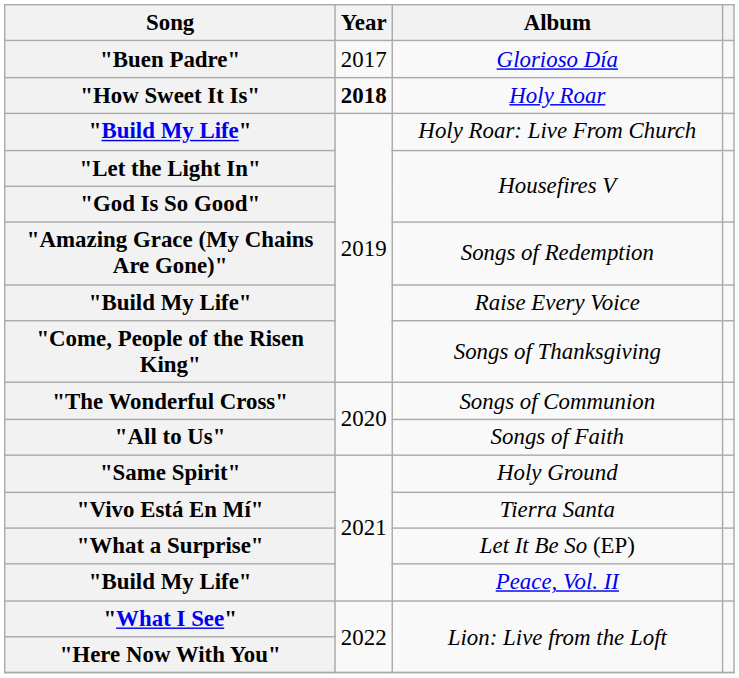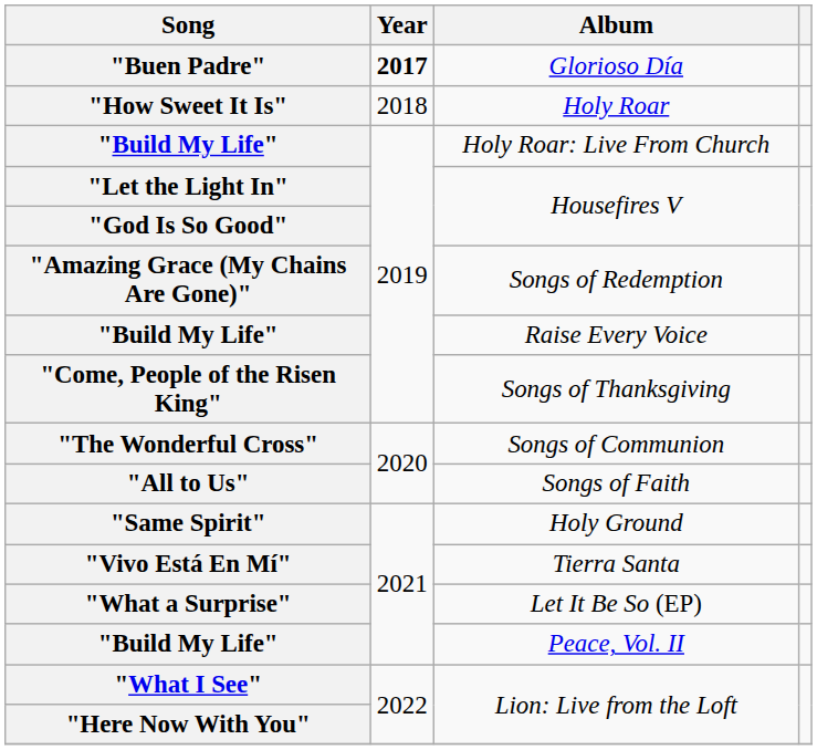 <table class="wikitable plainrowheaders" style="text-align:center;">
 <tr>
 <th rowspan="1" style="width:14em;">Song</th>
 <th rowspan="1">Year</th>
 <th rowspan="1" style="width:14em;">Album</th>
 <th rowspan="1"></th>
 </tr>
 <tr>
 <th scope="row">"Buen Padre"<br></th>
-<td>2017</td>
+<td><strong>2017</strong></td>
 <td><em><a href='#'>Glorioso Día</a></em></td>
 <td></td>
 </tr>
 <tr>
 <th scope="row">"How Sweet It Is"<br></th>
-<td><strong>2018</strong></td>
+<td>2018</td>
 <td><em><a href='#'>Holy Roar</a></em></td>
 <td></td>
 </tr>
 <tr>
 <th scope="row">"<a href='#'>Build My Life</a>"<br></th>
 <td rowspan="6">2019</td>
 <td><em>Holy Roar: Live From Church</em></td>
 <td></td>
 </tr>
 <tr>
 <th scope="row">"Let the Light In"<br></th>
 <td rowspan="2"><em>Housefires V</em></td>
 <td rowspan="2"></td>
 </tr>
 <tr>
 <th scope="row">"God Is So Good"<br></th>
 </tr>
 <tr>
 <th scope="row">"Amazing Grace (My Chains Are Gone)"<br></th>
 <td><em>Songs of Redemption</em></td>
 <td></td>
 </tr>
 <tr>
 <th scope="row">"Build My Life"<br></th>
 <td><em>Raise Every Voice</em></td>
 <td></td>
 </tr>
 <tr>
 <th scope="row">"Come, People of the Risen King"<br></th>
 <td><em>Songs of Thanksgiving</em></td>
 <td></td>
 </tr>
 <tr>
 <th scope="row">"The Wonderful Cross"<br></th>
 <td rowspan="2">2020</td>
 <td><em>Songs of Communion</em></td>
 <td></td>
 </tr>
 <tr>
 <th scope="row">"All to Us"<br></th>
 <td><em>Songs of Faith</em></td>
 <td></td>
 </tr>
 <tr>
 <th scope="row">"Same Spirit"<br></th>
 <td rowspan="4">2021</td>
 <td><em>Holy Ground</em></td>
 <td></td>
 </tr>
 <tr>
 <th scope="row">"Vivo Está En Mí"<br></th>
 <td><em>Tierra Santa</em></td>
 <td></td>
 </tr>
 <tr>
 <th scope="row">"What a Surprise"<br></th>
 <td><em>Let It Be So</em> (EP)</td>
 <td></td>
 </tr>
 <tr>
 <th scope="row">"Build My Life"<br></th>
 <td><em><a href='#'>Peace, Vol. II</a></em></td>
 <td></td>
 </tr>
 <tr>
 <th scope="row">"<a href='#'>What I See</a>"<br></th>
 <td rowspan="2">2022</td>
 <td rowspan="2"><em>Lion: Live from the Loft</em></td>
 <td rowspan="2"></td>
 </tr>
 <tr>
 <th scope="row">"Here Now With You"<br></th>
 </tr>
 <tr>
 </tr>
 </table>
